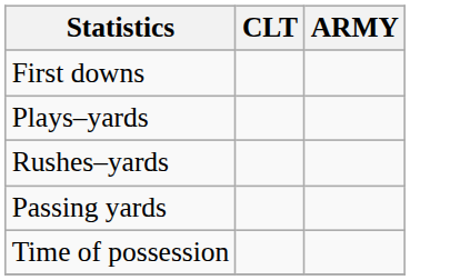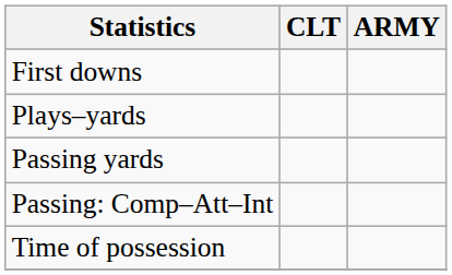 <table class="wikitable" style="float: left;">
 <tr>
 <th>Statistics</th>
 <th>CLT</th>
 <th>ARMY</th>
 </tr>
 <tr>
 <td>First downs</td>
 <td></td>
 <td></td>
 </tr>
 <tr>
 <td>Plays–yards</td>
 <td></td>
 <td></td>
 </tr>
 <tr>
-<td>Rushes–yards</td>
+<td>Passing yards</td>
 <td></td>
 <td></td>
 </tr>
 <tr>
-<td>Passing yards</td>
+<td>Passing: Comp–Att–Int</td>
 <td></td>
 <td></td>
 </tr>
 <tr>
 <td>Time of possession</td>
 <td></td>
 <td></td>
 </tr>
 <tr>
 </tr>
 </table>
